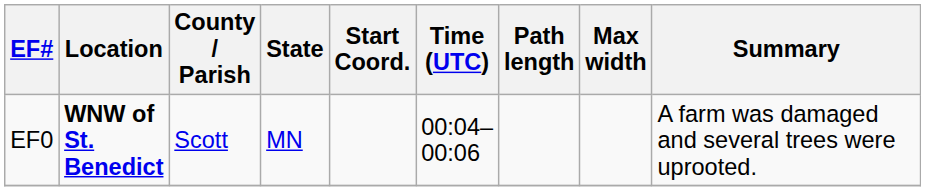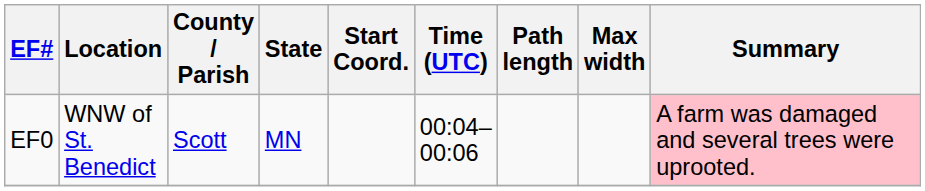 <table class="wikitable sortable" style="width:100%;">
 <tr>
 <th scope="col" style="width:3%; text-align:center;"><a href='#'>EF#</a></th>
 <th scope="col" style="width:7%; text-align:center;" class="unsortable">Location</th>
 <th scope="col" style="width:6%; text-align:center;" class="unsortable">County / Parish</th>
 <th scope="col" style="width:5%; text-align:center;">State</th>
 <th scope="col" style="width:6%; text-align:center;">Start Coord.</th>
 <th scope="col" style="width:6%; text-align:center;">Time (<a href='#'>UTC</a>)</th>
 <th scope="col" style="width:6%; text-align:center;">Path length</th>
 <th scope="col" style="width:6%; text-align:center;">Max width</th>
 <th scope="col" class="unsortable" style="width:48%; text-align:center;">Summary</th>
 </tr>
 <tr>
 <td bgcolor=>EF0</td>
-<td><strong>WNW of <a href='#'>St. Benedict</a></strong></td>
+<td>WNW of <a href='#'>St. Benedict</a></td>
 <td><a href='#'>Scott</a></td>
 <td><a href='#'>MN</a></td>
 <td></td>
 <td>00:04–00:06</td>
 <td></td>
 <td></td>
-<td>A farm was damaged and several trees were uprooted.</td>
+<td style="background: pink;">A farm was damaged and several trees were uprooted.</td>
 </tr>
 <tr>
 </tr>
 </table>
